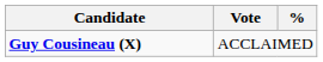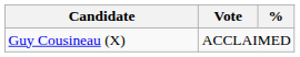 <table class="wikitable">
 <tr>
 <th bgcolor="#DDDDFF" width="200px">Candidate</th>
 <th bgcolor="#DDDDFF">Vote</th>
 <th bgcolor="#DDDDFF">%</th>
 </tr>
 <tr>
-<td><strong><a href='#'>Guy Cousineau</a> (X)</strong></td>
+<td><a href='#'>Guy Cousineau</a> (X)</td>
 <td colspan="2" align="center">ACCLAIMED</td>
 </tr>
 </table>
